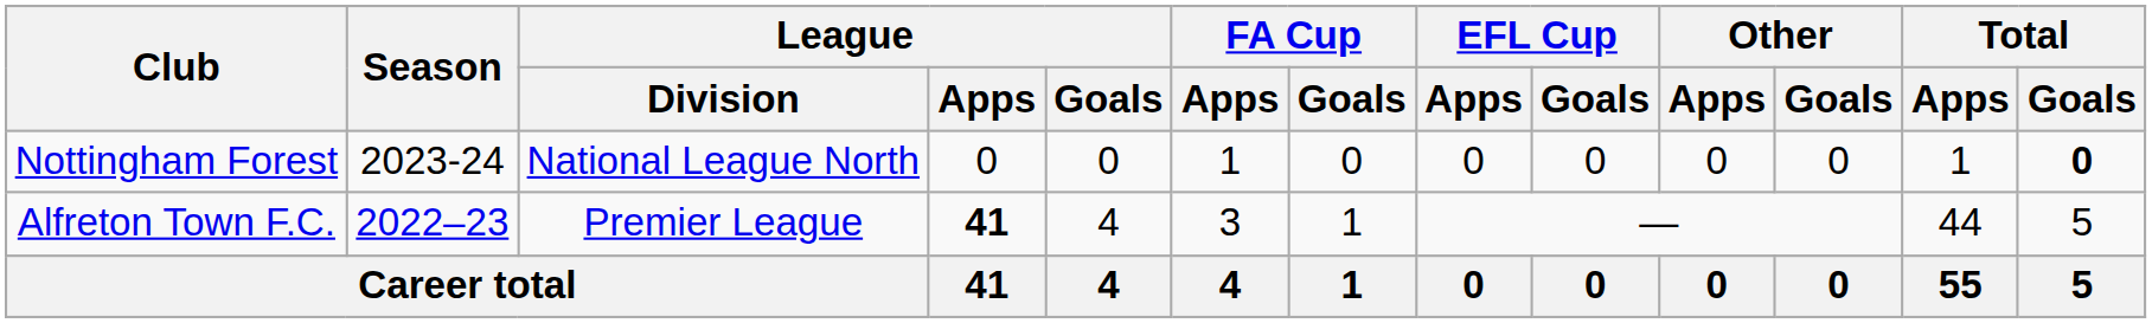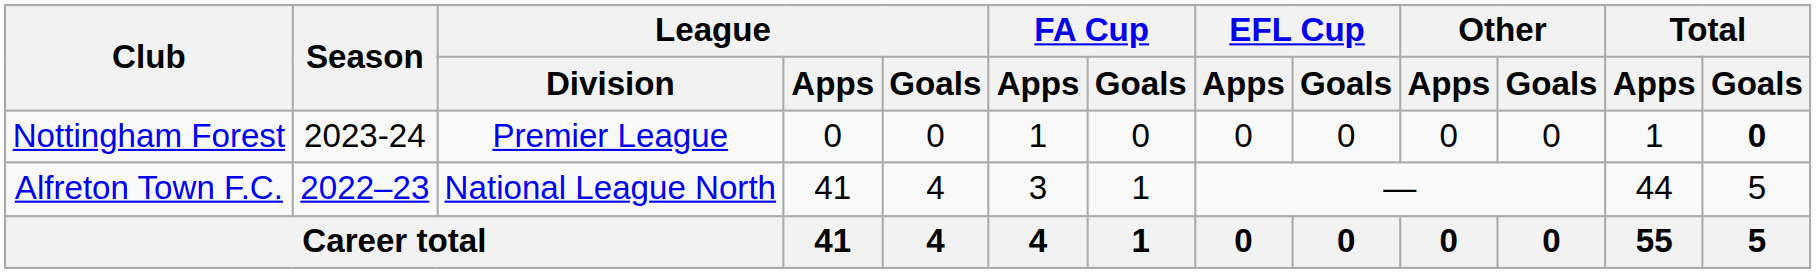 <table class=wikitable style=text-align:center>
 <tr>
 <th rowspan=2>Club</th>
 <th rowspan=2>Season</th>
 <th colspan=3>League</th>
 <th colspan=2><a href='#'>FA Cup</a></th>
 <th colspan=2><a href='#'>EFL Cup</a></th>
 <th colspan=2>Other</th>
 <th colspan=2>Total</th>
 </tr>
 <tr>
 <th>Division</th>
 <th>Apps</th>
 <th>Goals</th>
 <th>Apps</th>
 <th>Goals</th>
 <th>Apps</th>
 <th>Goals</th>
 <th>Apps</th>
 <th>Goals</th>
 <th>Apps</th>
 <th>Goals</th>
 </tr>
 <tr>
 <td><a href='#'>Nottingham Forest</a></td>
 <td>2023-24</td>
-<td><a href='#'>National League North</a></td>
+<td><a href='#'>Premier League</a></td>
 <td>0</td>
 <td>0</td>
 <td>1</td>
 <td>0</td>
 <td>0</td>
 <td>0</td>
 <td>0</td>
 <td>0</td>
 <td>1</td>
 <td><strong>0</strong></td>
 </tr>
 <tr>
 <td><a href='#'>Alfreton Town F.C.</a></td>
 <td><a href='#'>2022–23</a></td>
-<td><a href='#'>Premier League</a></td>
-<td><strong>41</strong></td>
+<td><a href='#'>National League North</a></td>
+<td>41</td>
 <td>4</td>
 <td>3</td>
 <td>1</td>
 <td colspan="4">—</td>
 <td>44</td>
 <td>5</td>
 </tr>
 <tr>
 <th colspan="3">Career total</th>
 <th>41</th>
 <th>4</th>
 <th>4</th>
 <th>1</th>
 <th>0</th>
 <th>0</th>
 <th>0</th>
 <th>0</th>
 <th>55</th>
 <th>5</th>
 </tr>
 </table>
